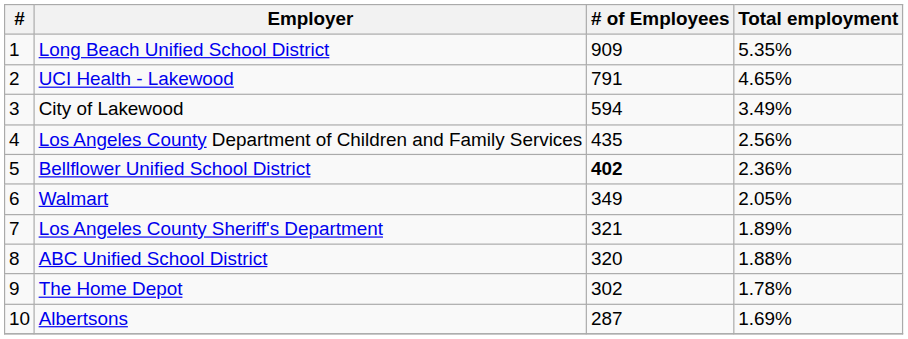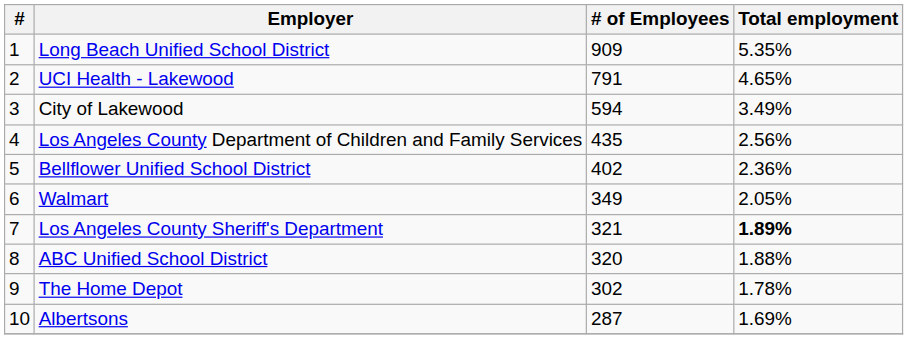 <table class="wikitable">
 <tr>
 <th>#</th>
 <th>Employer</th>
 <th># of Employees</th>
 <th>Total employment</th>
 </tr>
 <tr>
 <td>1</td>
 <td><a href='#'>Long Beach Unified School District</a></td>
 <td>909</td>
 <td>5.35%</td>
 </tr>
 <tr>
 <td>2</td>
 <td><a href='#'>UCI Health - Lakewood</a></td>
 <td>791</td>
 <td>4.65%</td>
 </tr>
 <tr>
 <td>3</td>
 <td>City of Lakewood</td>
 <td>594</td>
 <td>3.49%</td>
 </tr>
 <tr>
 <td>4</td>
 <td><a href='#'>Los Angeles County</a> Department of Children and Family Services</td>
 <td>435</td>
 <td>2.56%</td>
 </tr>
 <tr>
 <td>5</td>
 <td><a href='#'>Bellflower Unified School District</a></td>
-<td><strong>402</strong></td>
+<td>402</td>
 <td>2.36%</td>
 </tr>
 <tr>
 <td>6</td>
 <td><a href='#'>Walmart</a></td>
 <td>349</td>
 <td>2.05%</td>
 </tr>
 <tr>
 <td>7</td>
 <td><a href='#'>Los Angeles County Sheriff's Department</a></td>
 <td>321</td>
-<td>1.89%</td>
+<td><strong>1.89%</strong></td>
 </tr>
 <tr>
 <td>8</td>
 <td><a href='#'>ABC Unified School District</a></td>
 <td>320</td>
 <td>1.88%</td>
 </tr>
 <tr>
 <td>9</td>
 <td><a href='#'>The Home Depot</a></td>
 <td>302</td>
 <td>1.78%</td>
 </tr>
 <tr>
 <td>10</td>
 <td><a href='#'>Albertsons</a></td>
 <td>287</td>
 <td>1.69%</td>
 </tr>
 <tr>
 </tr>
 </table>
